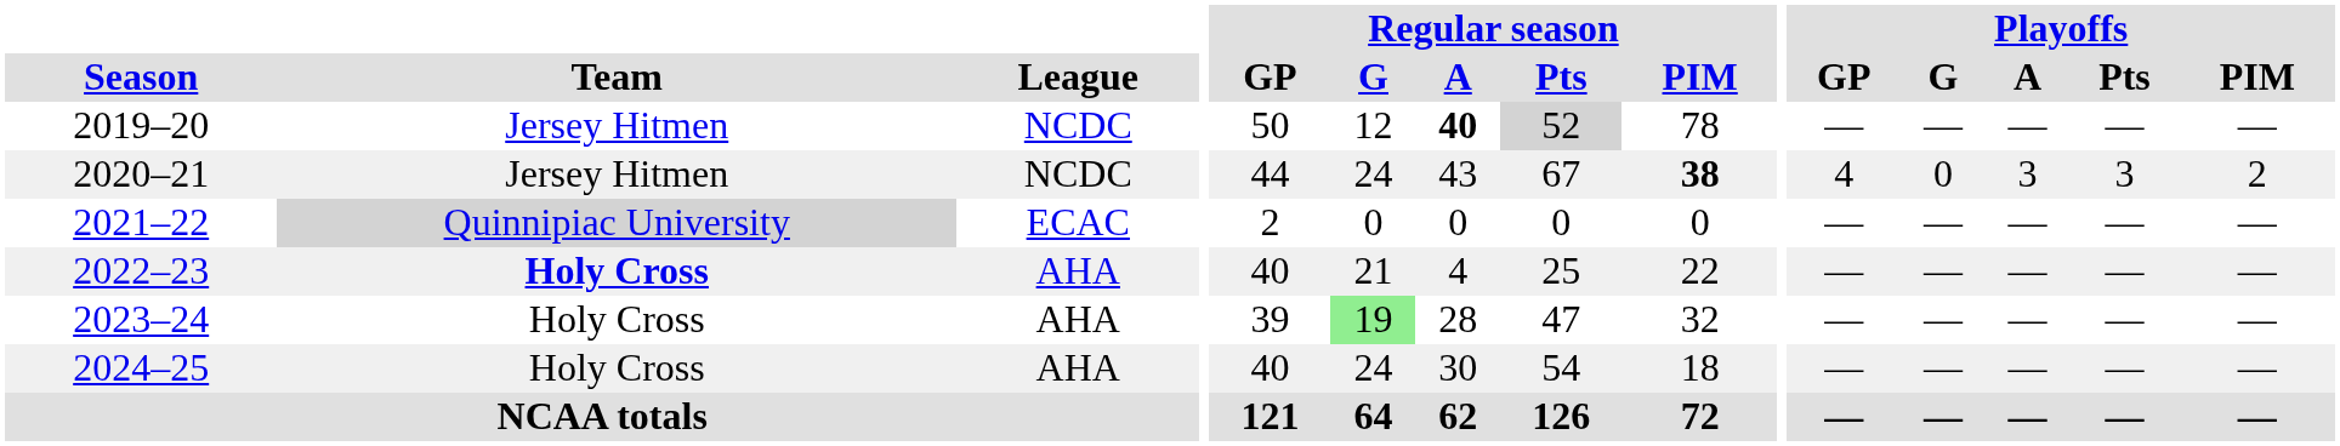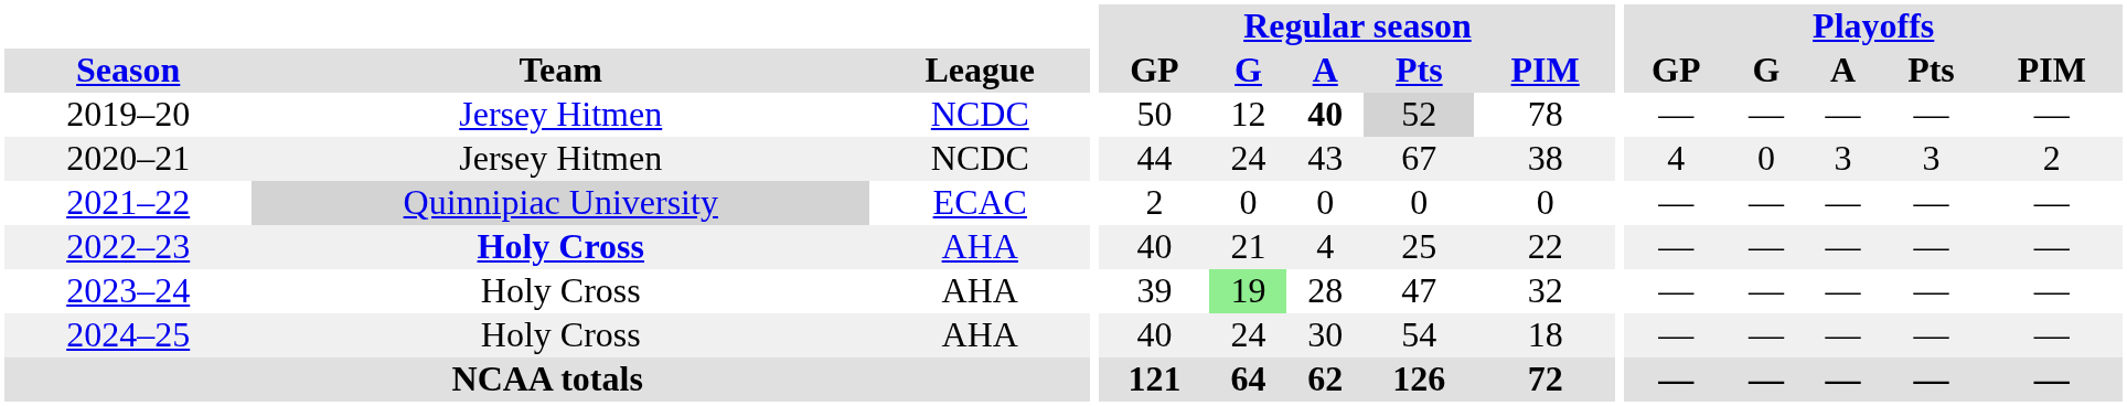 <table border="0" cellpadding="1" cellspacing="0" style="text-align:center; width:60em">
 <tr bgcolor="#e0e0e0">
 <th colspan="3" bgcolor="#ffffff"></th>
 <th rowspan="101" bgcolor="#ffffff"></th>
 <th colspan="5"><a href='#'>Regular season</a></th>
 <th rowspan="101" bgcolor="#ffffff"></th>
 <th colspan="5"><a href='#'>Playoffs</a></th>
 </tr>
 <tr bgcolor="#e0e0e0">
 <th><a href='#'>Season</a></th>
 <th>Team</th>
 <th>League</th>
 <th>GP</th>
 <th><a href='#'>G</a></th>
 <th><a href='#'>A</a></th>
 <th><a href='#'>Pts</a></th>
 <th><a href='#'>PIM</a></th>
 <th>GP</th>
 <th>G</th>
 <th>A</th>
 <th>Pts</th>
 <th>PIM</th>
 </tr>
 <tr>
 <td>2019–20</td>
 <td><a href='#'>Jersey Hitmen</a></td>
 <td><a href='#'>NCDC</a></td>
 <td>50</td>
 <td>12</td>
 <td><strong>40</strong></td>
 <td style="background: lightgrey;">52</td>
 <td>78</td>
 <td>—</td>
 <td>—</td>
 <td>—</td>
 <td>—</td>
 <td>—</td>
 </tr>
 <tr bgcolor="#f0f0f0">
 <td>2020–21</td>
 <td>Jersey Hitmen</td>
 <td>NCDC</td>
 <td>44</td>
 <td>24</td>
 <td>43</td>
 <td>67</td>
-<td><strong>38</strong></td>
+<td>38</td>
 <td>4</td>
 <td>0</td>
 <td>3</td>
 <td>3</td>
 <td>2</td>
 </tr>
 <tr>
 <td><a href='#'>2021–22</a></td>
 <td style="background: lightgrey;"><a href='#'>Quinnipiac University</a></td>
 <td><a href='#'>ECAC</a></td>
 <td>2</td>
 <td>0</td>
 <td>0</td>
 <td>0</td>
 <td>0</td>
 <td>—</td>
 <td>—</td>
 <td>—</td>
 <td>—</td>
 <td>—</td>
 </tr>
 <tr bgcolor="#f0f0f0">
 <td><a href='#'>2022–23</a></td>
 <td><strong><a href='#'>Holy Cross</a></strong></td>
 <td><a href='#'>AHA</a></td>
 <td>40</td>
 <td>21</td>
 <td>4</td>
 <td>25</td>
 <td>22</td>
 <td>—</td>
 <td>—</td>
 <td>—</td>
 <td>—</td>
 <td>—</td>
 </tr>
 <tr>
 <td><a href='#'>2023–24</a></td>
 <td>Holy Cross</td>
 <td>AHA</td>
 <td>39</td>
 <td style="background: lightgreen;">19</td>
 <td>28</td>
 <td>47</td>
 <td>32</td>
 <td>—</td>
 <td>—</td>
 <td>—</td>
 <td>—</td>
 <td>—</td>
 </tr>
 <tr bgcolor="#f0f0f0">
 <td><a href='#'>2024–25</a></td>
 <td>Holy Cross</td>
 <td>AHA</td>
 <td>40</td>
 <td>24</td>
 <td>30</td>
 <td>54</td>
 <td>18</td>
 <td>—</td>
 <td>—</td>
 <td>—</td>
 <td>—</td>
 <td>—</td>
 </tr>
 <tr bgcolor="#e0e0e0">
 <th colspan="3">NCAA totals</th>
 <th>121</th>
 <th>64</th>
 <th>62</th>
 <th>126</th>
 <th>72</th>
 <th>—</th>
 <th>—</th>
 <th>—</th>
 <th>—</th>
 <th>—</th>
 </tr>
 </table>
